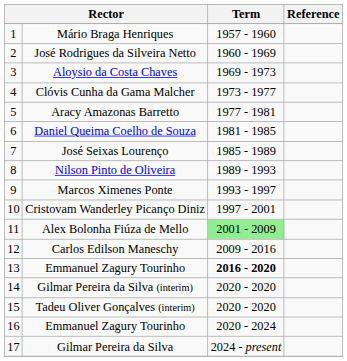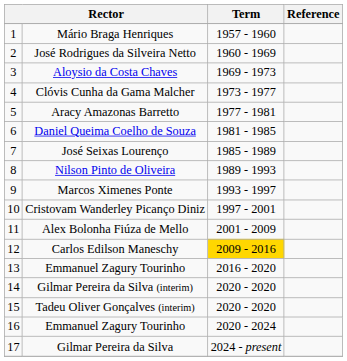 <table class="wikitable">
 <tr>
 <th style="text-align:center;" colspan="2">Rector</th>
 <th style="text-align:center;">Term</th>
 <th style="text-align:center;">Reference</th>
 </tr>
 <tr>
 </tr>
 <tr style="text-align:center;">
 <td>1</td>
 <td>Mário Braga Henriques</td>
 <td>1957 - 1960</td>
 <td></td>
 </tr>
 <tr style="text-align:center;">
 <td>2</td>
 <td>José Rodrigues da Silveira Netto</td>
 <td>1960 - 1969</td>
 <td></td>
 </tr>
 <tr style="text-align:center;">
 <td>3</td>
 <td style="text-align:center;"><a href='#'>Aloysio da Costa Chaves</a></td>
 <td style="text-align:center;">1969 - 1973</td>
 <td></td>
 </tr>
 <tr style="text-align:center;">
 <td>4</td>
 <td>Clóvis Cunha da Gama Malcher</td>
 <td>1973 - 1977</td>
 <td></td>
 </tr>
 <tr style="text-align:center;">
 <td>5</td>
 <td>Aracy Amazonas Barretto</td>
 <td>1977 - 1981</td>
 <td></td>
 </tr>
 <tr style="text-align:center;">
 <td>6</td>
 <td><a href='#'>Daniel Queima Coelho de Souza</a></td>
 <td>1981 - 1985</td>
 <td></td>
 </tr>
 <tr style="text-align:center;">
 <td>7</td>
 <td>José Seixas Lourenço</td>
 <td>1985 - 1989</td>
 <td></td>
 </tr>
 <tr style="text-align:center;">
 <td>8</td>
 <td><a href='#'>Nilson Pinto de Oliveira</a></td>
 <td>1989 - 1993</td>
 <td></td>
 </tr>
 <tr style="text-align:center;">
 <td>9</td>
 <td>Marcos Ximenes Ponte</td>
 <td>1993 - 1997</td>
 <td></td>
 </tr>
 <tr style="text-align:center;">
 <td>10</td>
 <td>Cristovam Wanderley Picanço Diniz</td>
 <td>1997 - 2001</td>
 <td></td>
 </tr>
 <tr style="text-align:center;">
 <td>11</td>
 <td>Alex Bolonha Fiúza de Mello</td>
-<td style="background: lightgreen;">2001 - 2009</td>
+<td>2001 - 2009</td>
 <td></td>
 </tr>
 <tr style="text-align:center;">
 <td>12</td>
 <td>Carlos Edilson Maneschy</td>
-<td>2009 - 2016</td>
+<td style="background: gold;">2009 - 2016</td>
 <td></td>
 </tr>
 <tr style="text-align:center;">
 <td>13</td>
 <td>Emmanuel Zagury Tourinho</td>
-<td><strong>2016 - 2020</strong></td>
+<td>2016 - 2020</td>
 <td></td>
 </tr>
 <tr style="text-align:center;">
 <td>14</td>
 <td>Gilmar Pereira da Silva <small>(interim)</small></td>
 <td>2020 - 2020</td>
 <td></td>
 </tr>
 <tr style="text-align:center;">
 <td>15</td>
 <td>Tadeu Oliver Gonçalves <small>(interim)</small></td>
 <td>2020 - 2020</td>
 <td></td>
 </tr>
 <tr style="text-align:center;">
 <td>16</td>
 <td>Emmanuel Zagury Tourinho</td>
 <td>2020 - 2024</td>
 <td></td>
 </tr>
 <tr style="text-align:center;">
 <td>17</td>
 <td>Gilmar Pereira da Silva</td>
 <td>2024 - <em>present</em></td>
 <td></td>
 </tr>
 <tr style="text-align:center;">
 </tr>
 </table>
